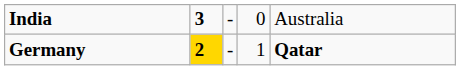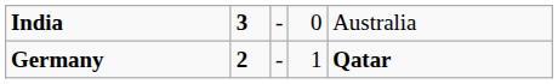 <table class="wikitable">
 <tr>
 <td width=150> <strong>India</strong></td>
 <td style="width:20px; text-align:left;"><strong>3</strong></td>
 <td>-</td>
 <td style="width:20px; text-align:right;">0</td>
 <td width=150> Australia</td>
 </tr>
 <tr>
 <td> <strong>Germany</strong></td>
-<td style="background: gold; text-align:left;"><strong>2</strong></td>
+<td style="text-align:left;"><strong>2</strong></td>
 <td>-</td>
 <td style="text-align:right;">1</td>
 <td><strong> Qatar</strong></td>
 </tr>
 </table>
